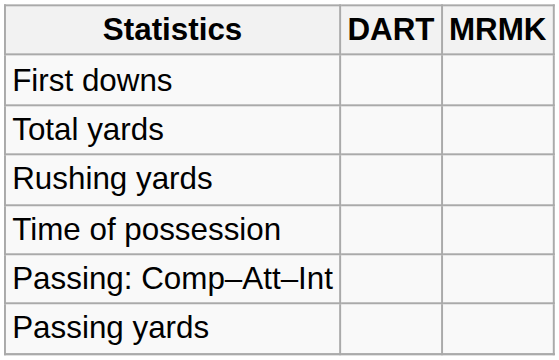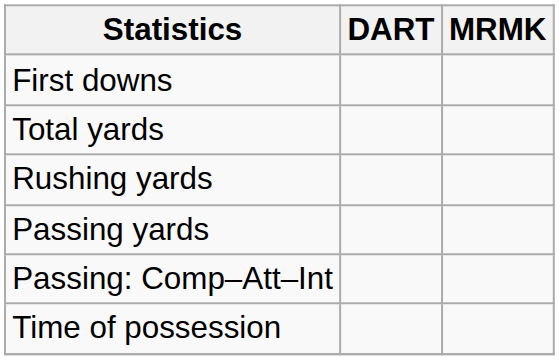 <table class="wikitable" style="float: left;">
 <tr>
 <th>Statistics</th>
 <th>DART</th>
 <th>MRMK</th>
 </tr>
 <tr>
 <td>First downs</td>
 <td></td>
 <td></td>
 </tr>
 <tr>
 <td>Total yards</td>
 <td></td>
 <td></td>
 </tr>
 <tr>
 <td>Rushing yards</td>
 <td></td>
 <td></td>
 </tr>
 <tr>
-<td>Time of possession</td>
+<td>Passing yards</td>
 <td></td>
 <td></td>
 </tr>
 <tr>
 <td>Passing: Comp–Att–Int</td>
 <td></td>
 <td></td>
 </tr>
 <tr>
-<td>Passing yards</td>
+<td>Time of possession</td>
 <td></td>
 <td></td>
 </tr>
 <tr>
 </tr>
 </table>
